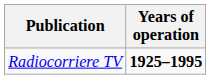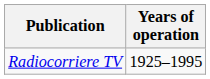 <table class="wikitable">
 <tr>
 <th>Publication</th>
 <th>Years of<br>operation</th>
 </tr>
 <tr>
 <td><em><a href='#'>Radiocorriere TV</a></em></td>
-<td><strong>1925–1995</strong></td>
+<td>1925–1995</td>
 </tr>
 </table>
